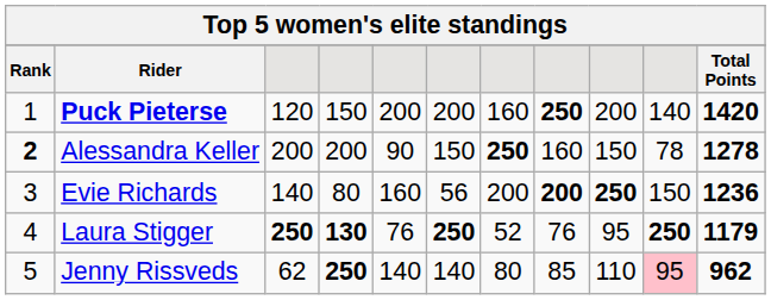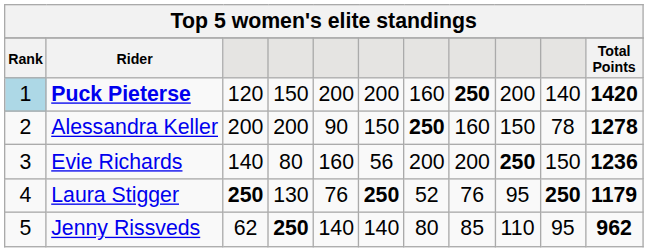 <table class="wikitable sortable">
 <tr>
 <th colspan=27 align="center"><strong>Top 5 women's elite standings</strong></th>
 </tr>
 <tr>
 </tr>
 <tr style="font-size:8pt;font-weight:bold">
 <th align="center">Rank</th>
 <th align="center">Rider</th>
 <th class=unsortable style="background:#E5E4E2;"><small></small></th>
 <th class=unsortable style="background:#E5E4E2;"><small></small></th>
 <th class=unsortable style="background:#E5E4E2;"><small></small></th>
 <th class=unsortable style="background:#E5E4E2;"><small></small></th>
 <th class=unsortable style="background:#E5E4E2;"><small></small></th>
 <th class=unsortable style="background:#E5E4E2;"><small></small></th>
 <th class=unsortable style="background:#E5E4E2;"><small></small></th>
 <th class=unsortable style="background:#E5E4E2;"><small></small></th>
 <th align="center">Total<br>Points</th>
 </tr>
 <tr>
-<td align=center>1</td>
+<td align=center style="background: lightblue;">1</td>
 <td> <strong><a href='#'>Puck Pieterse</a></strong></td>
 <td align=center>120</td>
 <td align=center>150</td>
 <td align=center>200</td>
 <td align=center>200</td>
 <td align=center>160</td>
 <td align=center><strong>250</strong></td>
 <td align=center>200</td>
 <td align=center>140</td>
 <td align=center><strong>1420</strong></td>
 </tr>
 <tr>
-<td align=center><strong>2</strong></td>
+<td align=center>2</td>
 <td> <a href='#'>Alessandra Keller</a></td>
 <td align=center>200</td>
 <td align=center>200</td>
 <td align=center>90</td>
 <td align=center>150</td>
 <td align=center><strong>250</strong></td>
 <td align=center>160</td>
 <td align=center>150</td>
 <td align=center>78</td>
 <td align=center><strong>1278</strong></td>
 </tr>
 <tr>
 <td align=center>3</td>
 <td> <a href='#'>Evie Richards</a></td>
 <td align=center>140</td>
 <td align=center>80</td>
 <td align=center>160</td>
 <td align=center>56</td>
 <td align=center>200</td>
-<td align=center><strong>200</strong></td>
+<td align=center>200</td>
 <td align=center><strong>250</strong></td>
 <td align=center>150</td>
 <td align=center><strong>1236</strong></td>
 </tr>
 <tr>
 <td align=center>4</td>
 <td> <a href='#'>Laura Stigger</a></td>
 <td align=center><strong>250</strong></td>
-<td align=center><strong>130</strong></td>
+<td align=center>130</td>
 <td align=center>76</td>
 <td align=center><strong>250</strong></td>
 <td align=center>52</td>
 <td align=center>76</td>
 <td align=center>95</td>
 <td align=center><strong>250</strong></td>
 <td align=center><strong>1179</strong></td>
 </tr>
 <tr>
 <td align=center>5</td>
 <td> <a href='#'>Jenny Rissveds</a></td>
 <td align=center>62</td>
 <td align=center><strong>250</strong></td>
 <td align=center>140</td>
 <td align=center>140</td>
 <td align=center>80</td>
 <td align=center>85</td>
 <td align=center>110</td>
-<td align=center style="background: pink;">95</td>
+<td align=center>95</td>
 <td align=center><strong>962</strong></td>
 </tr>
 </table>
